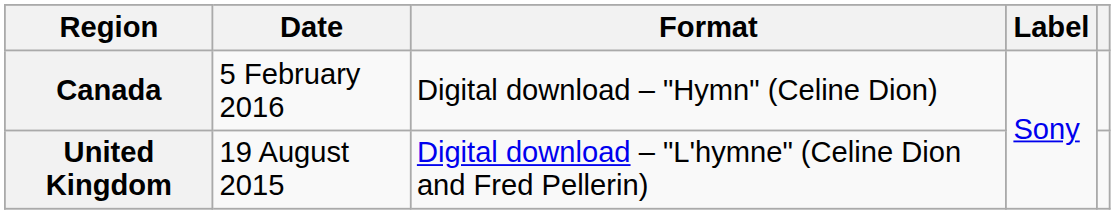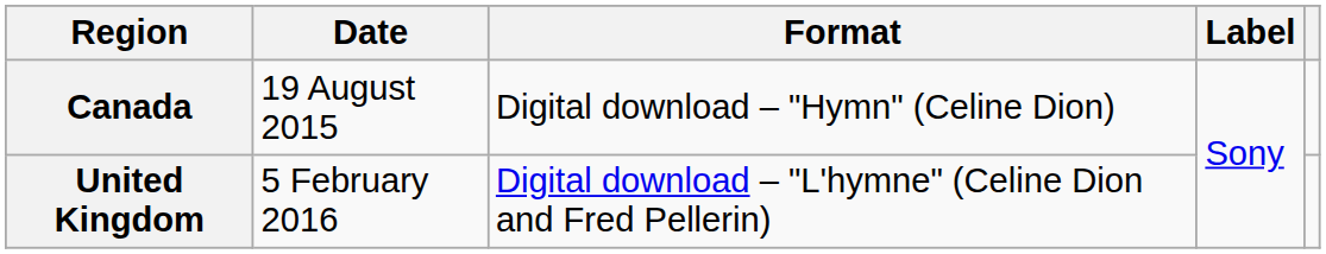 <table class="wikitable sortable plainrowheaders">
 <tr>
 <th scope="col">Region</th>
 <th scope="col">Date</th>
 <th scope="col">Format</th>
 <th scope="col">Label</th>
 <th scope="col" class="unsortable"></th>
 </tr>
 <tr>
 <th scope="row">Canada</th>
-<td>5 February 2016</td>
+<td>19 August 2015</td>
 <td>Digital download – "Hymn" (Celine Dion)</td>
 <td rowspan="2"><a href='#'>Sony</a></td>
 <td></td>
 </tr>
 <tr>
 <th scope="row">United Kingdom</th>
-<td>19 August 2015</td>
+<td>5 February 2016</td>
 <td><a href='#'>Digital download</a> – "L'hymne" (Celine Dion and Fred Pellerin)</td>
 <td></td>
 </tr>
 </table>
